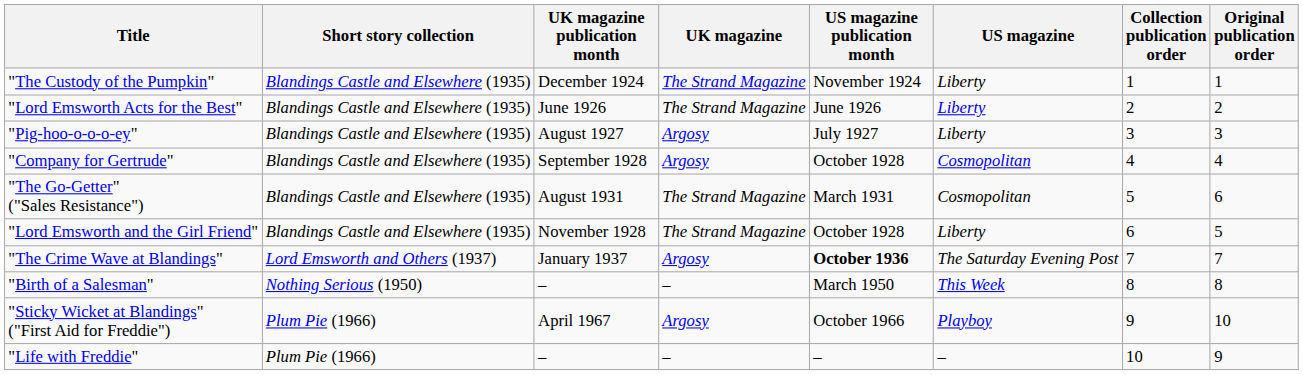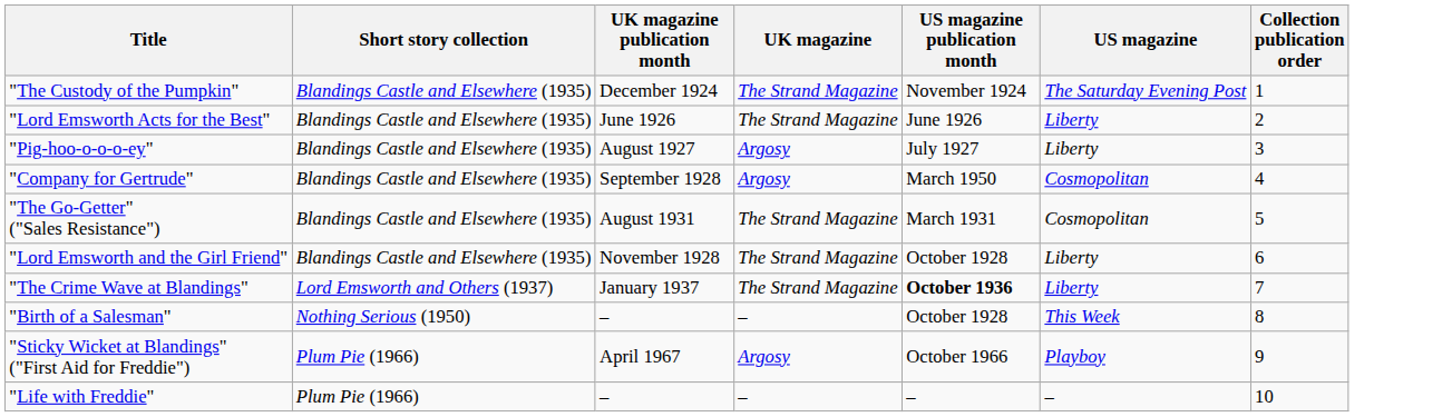 <table class="wikitable sortable">
 <tr>
 <th>Title</th>
 <th>Short story collection</th>
 <th style="width: 7em;">UK magazine publication month</th>
 <th>UK magazine</th>
 <th style="width: 7em;">US magazine publication month</th>
 <th>US magazine</th>
 <th style="width: 1em;">Collection publication order</th>
-<th style="width: 1em;">Original publication order</th>
 </tr>
 <tr>
 <td>"<a href='#'>The Custody of the Pumpkin</a>"</td>
 <td data-sort-value="1935"><em><a href='#'>Blandings Castle and Elsewhere</a></em> (1935)</td>
 <td data-sort-value="1924-12">December 1924</td>
 <td data-sort-value="Strand"><em><a href='#'>The Strand Magazine</a></em></td>
 <td data-sort-value="1924-11">November 1924</td>
-<td><em>Liberty</em></td>
-<td>1</td>
+<td data-sort-value="Saturday"><em><a href='#'>The Saturday Evening Post</a></em></td>
 <td>1</td>
 </tr>
 <tr>
 <td>"<a href='#'>Lord Emsworth Acts for the Best</a>"</td>
 <td data-sort-value="1935"><em>Blandings Castle and Elsewhere</em> (1935)</td>
 <td data-sort-value="1926-06">June 1926</td>
 <td data-sort-value="Strand"><em>The Strand Magazine</em></td>
 <td data-sort-value="1926-06">June 1926</td>
 <td><em><a href='#'>Liberty</a></em></td>
 <td>2</td>
-<td>2</td>
 </tr>
 <tr>
 <td>"<a href='#'>Pig-hoo-o-o-o-ey</a>"</td>
 <td data-sort-value="1935"><em>Blandings Castle and Elsewhere</em> (1935)</td>
 <td data-sort-value="1927-08">August 1927</td>
 <td><em><a href='#'>Argosy</a></em></td>
 <td data-sort-value="1927-07">July 1927</td>
 <td><em>Liberty</em></td>
 <td>3</td>
-<td>3</td>
 </tr>
 <tr>
 <td>"<a href='#'>Company for Gertrude</a>"</td>
 <td data-sort-value="1935"><em>Blandings Castle and Elsewhere</em> (1935)</td>
 <td data-sort-value="1928-09">September 1928</td>
 <td><em><a href='#'>Argosy</a></em></td>
-<td data-sort-value="1928-10">October 1928</td>
+<td data-sort-value="1950-03">March 1950</td>
 <td><em><a href='#'>Cosmopolitan</a></em></td>
-<td>4</td>
 <td>4</td>
 </tr>
 <tr>
 <td>"<a href='#'>The Go-Getter</a>"<br>("Sales Resistance")</td>
 <td data-sort-value="1935"><em>Blandings Castle and Elsewhere</em> (1935)</td>
 <td data-sort-value="1931-08">August 1931</td>
 <td data-sort-value="Strand"><em>The Strand Magazine</em></td>
 <td data-sort-value="1931-03">March 1931</td>
 <td><em>Cosmopolitan</em></td>
 <td>5</td>
-<td>6</td>
 </tr>
 <tr>
 <td>"<a href='#'>Lord Emsworth and the Girl Friend</a>"</td>
 <td data-sort-value="1935"><em>Blandings Castle and Elsewhere</em> (1935)</td>
 <td data-sort-value="1928-11">November 1928</td>
 <td data-sort-value="Strand"><em>The Strand Magazine</em></td>
 <td data-sort-value="1928-10">October 1928</td>
 <td><em>Liberty</em></td>
 <td>6</td>
-<td>5</td>
 </tr>
 <tr>
 <td>"<a href='#'>The Crime Wave at Blandings</a>"</td>
 <td data-sort-value="1937"><em><a href='#'>Lord Emsworth and Others</a></em> (1937)</td>
 <td data-sort-value="1937-01">January 1937</td>
-<td><em><a href='#'>Argosy</a></em></td>
+<td data-sort-value="Strand"><em>The Strand Magazine</em></td>
 <td data-sort-value="1936-10"><strong>October 1936</strong></td>
-<td data-sort-value="Saturday"><em>The Saturday Evening Post</em></td>
-<td>7</td>
+<td><em><a href='#'>Liberty</a></em></td>
 <td>7</td>
 </tr>
 <tr>
 <td>"<a href='#'>Birth of a Salesman</a>"</td>
 <td data-sort-value="1950"><em><a href='#'>Nothing Serious</a></em> (1950)</td>
 <td data-sort-value="9999">–</td>
 <td data-sort-value="zz">–</td>
-<td data-sort-value="1950-03">March 1950</td>
+<td data-sort-value="1928-10">October 1928</td>
 <td><em><a href='#'>This Week</a></em></td>
-<td>8</td>
 <td>8</td>
 </tr>
 <tr>
 <td>"<a href='#'>Sticky Wicket at Blandings</a>"<br>("First Aid for Freddie")</td>
 <td data-sort-value="1966"><em><a href='#'>Plum Pie</a></em> (1966)</td>
 <td data-sort-value="1967-04">April 1967</td>
 <td><em><a href='#'>Argosy</a></em></td>
 <td data-sort-value="1966-10">October 1966</td>
 <td><em><a href='#'>Playboy</a></em></td>
 <td>9</td>
-<td>10</td>
 </tr>
 <tr>
 <td>"<a href='#'>Life with Freddie</a>"</td>
 <td data-sort-value="1966"><em>Plum Pie</em> (1966)</td>
 <td data-sort-value="9999">–</td>
 <td data-sort-value="zz">–</td>
 <td data-sort-value="9999">–</td>
 <td data-sort-value="zz">–</td>
 <td>10</td>
-<td>9</td>
 </tr>
 </table>
